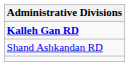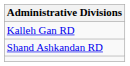 <table class="wikitable">
 <tr>
 <th>Administrative Divisions</th>
 </tr>
 <tr>
-<td><strong><a href='#'>Kalleh Gan RD</a></strong></td>
+<td><a href='#'>Kalleh Gan RD</a></td>
 </tr>
 <tr>
 <td><a href='#'>Shand Ashkandan RD</a></td>
 </tr>
 <tr>
 <td colspan=1></td>
 </tr>
 </table>
